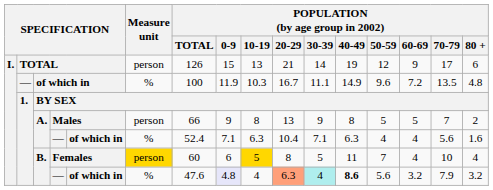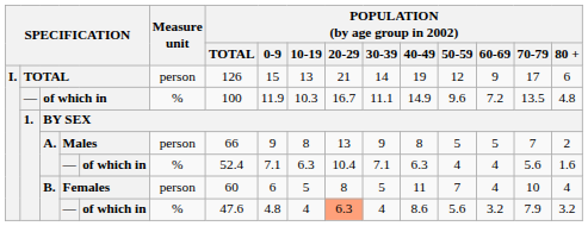 <table class="wikitable" style="font-size:85%; text-align:center">
 <tr>
 <th rowspan="2" colspan="5">SPECIFICATION</th>
 <th rowspan="2">Measure<br> unit</th>
 <th colspan="10" rowspan="1">POPULATION<br> (by age group in 2002)</th>
 </tr>
 <tr>
 <th>TOTAL</th>
 <th>0-9</th>
 <th>10-19</th>
 <th>20-29</th>
 <th>30-39</th>
 <th>40-49</th>
 <th>50-59</th>
 <th>60-69</th>
 <th>70-79</th>
 <th>80 +</th>
 </tr>
 <tr>
 <th style="text-align:left" valign="top" rowspan="7">I.</th>
 <th style="text-align:left" colspan="4">TOTAL</th>
 <td>person</td>
 <td>126</td>
 <td>15</td>
 <td>13</td>
 <td>21</td>
 <td>14</td>
 <td>19</td>
 <td>12</td>
 <td>9</td>
 <td>17</td>
 <td>6</td>
 </tr>
 <tr>
 <th style="text-align:left" valign="top">—</th>
 <th style="text-align:left" colspan="3">of which in</th>
 <td>%</td>
 <td>100</td>
 <td>11.9</td>
 <td>10.3</td>
 <td>16.7</td>
 <td>11.1</td>
 <td>14.9</td>
 <td>9.6</td>
 <td>7.2</td>
 <td>13.5</td>
 <td>4.8</td>
 </tr>
 <tr>
 <th style="text-align:left" valign="top" rowspan="5">1.</th>
 <th style="text-align:left" colspan="14">BY SEX</th>
 </tr>
 <tr>
 <th style="text-align:left" valign="top" rowspan="2">A.</th>
 <th style="text-align:left" colspan="2">Males</th>
 <td>person</td>
 <td>66</td>
 <td>9</td>
 <td>8</td>
 <td>13</td>
 <td>9</td>
 <td>8</td>
 <td>5</td>
 <td>5</td>
 <td>7</td>
 <td>2</td>
 </tr>
 <tr>
 <th style="text-align:left" valign="top">—</th>
 <th style="text-align:left" colspan="1">of which in</th>
 <td>%</td>
 <td>52.4</td>
 <td>7.1</td>
 <td>6.3</td>
 <td>10.4</td>
 <td>7.1</td>
 <td>6.3</td>
 <td>4</td>
 <td>4</td>
 <td>5.6</td>
 <td>1.6</td>
 </tr>
 <tr>
 <th style="text-align:left" valign="top" rowspan="2">B.</th>
 <th style="text-align:left" colspan="2">Females</th>
-<td style="background: gold;">person</td>
+<td>person</td>
 <td>60</td>
 <td>6</td>
-<td style="background: gold;">5</td>
+<td>5</td>
 <td>8</td>
 <td>5</td>
 <td>11</td>
 <td>7</td>
 <td>4</td>
 <td>10</td>
 <td>4</td>
 </tr>
 <tr>
 <th style="text-align:left" valign="top">—</th>
 <th style="text-align:left" colspan="1">of which in</th>
 <td>%</td>
 <td>47.6</td>
-<td style="background: lavender;">4.8</td>
+<td>4.8</td>
 <td>4</td>
 <td style="background: lightsalmon;">6.3</td>
-<td style="background: paleturquoise;">4</td>
-<td><strong>8.6</strong></td>
+<td>4</td>
+<td>8.6</td>
 <td>5.6</td>
 <td>3.2</td>
 <td>7.9</td>
 <td>3.2</td>
 </tr>
 </table>
